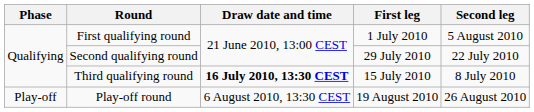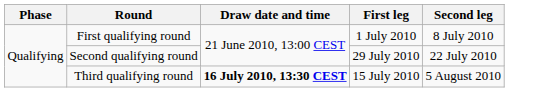 <table class="wikitable" style="text-align:center">
 <tr>
 <th>Phase</th>
 <th>Round</th>
 <th>Draw date and time</th>
 <th>First leg</th>
 <th>Second leg</th>
 </tr>
 <tr>
 <td rowspan=3>Qualifying</td>
 <td>First qualifying round</td>
 <td rowspan=2>21 June 2010, 13:00 <a href='#'>CEST</a></td>
 <td>1 July 2010</td>
-<td>5 August 2010</td>
+<td>8 July 2010</td>
 </tr>
 <tr>
 <td>Second qualifying round</td>
 <td>29 July 2010</td>
 <td>22 July 2010</td>
 </tr>
 <tr>
 <td>Third qualifying round</td>
 <td><strong>16 July 2010, 13:30 <a href='#'>CEST</a></strong></td>
 <td>15 July 2010</td>
-<td>8 July 2010</td>
-</tr>
-<tr>
-<td>Play-off</td>
-<td>Play-off round</td>
-<td>6 August 2010, 13:30 <a href='#'>CEST</a></td>
-<td>19 August 2010</td>
-<td>26 August 2010</td>
+<td>5 August 2010</td>
 </tr>
 </table>
